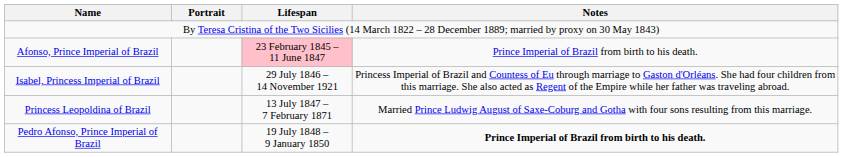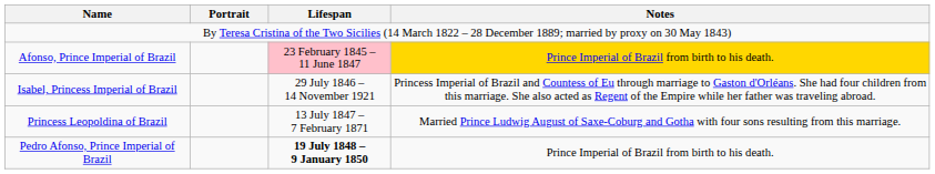 <table style="text-align: center; width: 100%;" class="wikitable">
 <tr>
 <th style="width: 20%;">Name</th>
 <th style="width: 100px;">Portrait</th>
 <th style="width: 10em;">Lifespan</th>
 <th>Notes</th>
 </tr>
 <tr>
 <td colspan="4">By <a href='#'>Teresa Cristina of the Two Sicilies</a> (14 March 1822 – 28 December 1889; married by proxy on 30 May 1843)</td>
 </tr>
 <tr>
 <td><a href='#'>Afonso, Prince Imperial of Brazil</a></td>
 <td></td>
 <td style="background: pink;">23 February 1845 – <br> 11 June 1847</td>
-<td><a href='#'>Prince Imperial of Brazil</a> from birth to his death.</td>
+<td style="background: gold;"><a href='#'>Prince Imperial of Brazil</a> from birth to his death.</td>
 </tr>
 <tr>
 <td><a href='#'>Isabel, Princess Imperial of Brazil</a></td>
 <td></td>
 <td>29 July 1846 – <br> 14 November 1921</td>
 <td>Princess Imperial of Brazil and <a href='#'>Countess of Eu</a> through marriage to <a href='#'>Gaston d'Orléans</a>. She had four children from this marriage. She also acted as <a href='#'>Regent</a> of the Empire while her father was traveling abroad.</td>
 </tr>
 <tr>
 <td><a href='#'>Princess Leopoldina of Brazil</a></td>
 <td></td>
 <td>13 July 1847 – <br> 7 February 1871</td>
 <td>Married <a href='#'>Prince Ludwig August of Saxe-Coburg and Gotha</a> with four sons resulting from this marriage.</td>
 </tr>
 <tr>
 <td><a href='#'>Pedro Afonso, Prince Imperial of Brazil</a></td>
 <td></td>
-<td>19 July 1848 – <br> 9 January 1850</td>
-<td><strong>Prince Imperial of Brazil from birth to his death.</strong></td>
+<td><strong>19 July 1848 – <br> 9 January 1850</strong></td>
+<td>Prince Imperial of Brazil from birth to his death.</td>
 </tr>
 </table>
